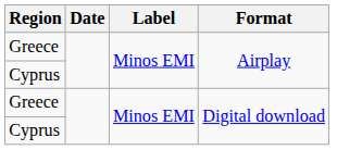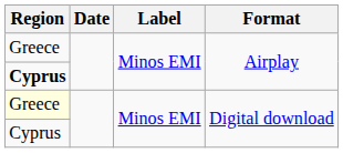 <table class="wikitable">
 <tr>
 <th>Region</th>
 <th>Date</th>
 <th>Label</th>
 <th>Format</th>
 </tr>
 <tr>
 <td>Greece</td>
 <td rowspan="2" style="text-align:center;"></td>
 <td rowspan="2" style="text-align:center;"><a href='#'>Minos EMI</a></td>
 <td rowspan="2" style="text-align:center;"><a href='#'>Airplay</a></td>
 </tr>
 <tr>
-<td>Cyprus</td>
+<td><strong>Cyprus</strong></td>
 </tr>
 <tr>
-<td>Greece</td>
+<td style="background: lightyellow;">Greece</td>
 <td rowspan="2" style="text-align:center;"></td>
 <td rowspan="2" style="text-align:center;"><a href='#'>Minos EMI</a></td>
 <td rowspan="2" style="text-align:center;"><a href='#'>Digital download</a></td>
 </tr>
 <tr>
 <td>Cyprus</td>
 </tr>
 </table>
